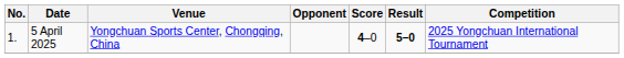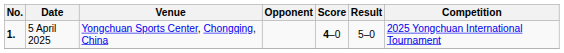 <table class="wikitable">
 <tr>
 <th>No.</th>
 <th>Date</th>
 <th>Venue</th>
 <th>Opponent</th>
 <th>Score</th>
 <th>Result</th>
 <th>Competition</th>
 </tr>
 <tr>
-<td>1.</td>
+<td><strong>1.</strong></td>
 <td>5 April 2025</td>
 <td><a href='#'>Yongchuan Sports Center</a>, <a href='#'>Chongqing</a>, <a href='#'>China</a></td>
 <td></td>
 <td align=center><strong>4</strong>–0</td>
-<td align=center><strong>5–0</strong></td>
+<td align=center>5–0</td>
 <td><a href='#'>2025 Yongchuan International Tournament</a></td>
 </tr>
 <tr>
 </tr>
 </table>
